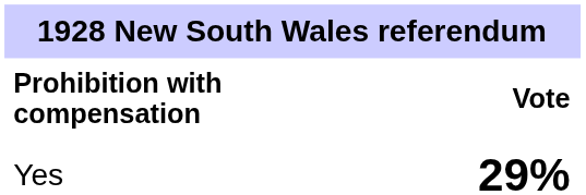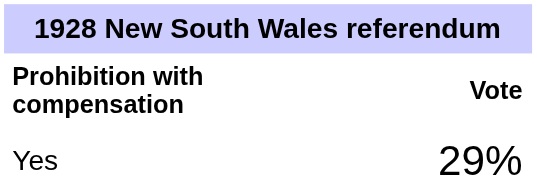 <table class="toccolours" align="right" cellpadding="5" cellspacing="0" style="margin: .4em;" width="300">
 <tr>
 <td colspan=5 align=center></td>
 </tr>
 <tr bgcolor="#ccccff">
 <td colspan="5" align="center"><strong>1928 New South Wales referendum</strong></td>
 </tr>
 <tr style="font-size: 90%;">
 <th align="left" width="40%">Prohibition with compensation</th>
 <th align="right" width= "60%" colspan="2">Vote</th>
 </tr>
 <tr>
 <td>Yes</td>
-<td align="right" style="font-size: 150%"><strong>29%</strong></td>
+<td align="right" style="font-size: 150%">29%</td>
 </tr>
 <tr>
 <td></td>
 <td></td>
 </tr>
 </table>
